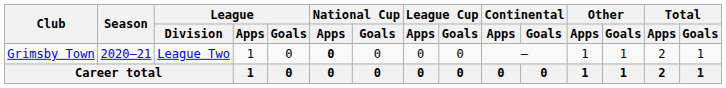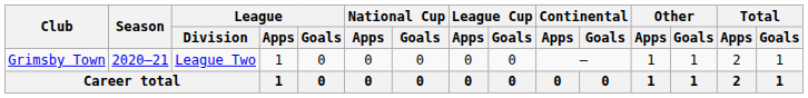 <table class="wikitable" style="text-align: center">
 <tr>
 <th rowspan="2">Club</th>
 <th rowspan="2">Season</th>
 <th colspan="3">League</th>
 <th colspan="2">National Cup</th>
 <th colspan="2">League Cup</th>
 <th colspan="2">Continental</th>
 <th colspan="2">Other</th>
 <th colspan="2">Total</th>
 </tr>
 <tr>
 <th>Division</th>
 <th>Apps</th>
 <th>Goals</th>
 <th>Apps</th>
 <th>Goals</th>
 <th>Apps</th>
 <th>Goals</th>
 <th>Apps</th>
 <th>Goals</th>
 <th>Apps</th>
 <th>Goals</th>
 <th>Apps</th>
 <th>Goals</th>
 </tr>
 <tr>
 <td><a href='#'>Grimsby Town</a></td>
 <td><a href='#'>2020–21</a></td>
 <td><a href='#'>League Two</a></td>
 <td>1</td>
 <td>0</td>
-<td><strong>0</strong></td>
+<td>0</td>
 <td>0</td>
 <td>0</td>
 <td>0</td>
 <td colspan="2">–</td>
 <td>1</td>
 <td>1</td>
 <td>2</td>
 <td>1</td>
 </tr>
 <tr>
 <th colspan="3">Career total</th>
 <th>1</th>
 <th>0</th>
 <th>0</th>
 <th>0</th>
 <th>0</th>
 <th>0</th>
 <th>0</th>
 <th>0</th>
 <th>1</th>
 <th>1</th>
 <th>2</th>
 <th>1</th>
 </tr>
 </table>
